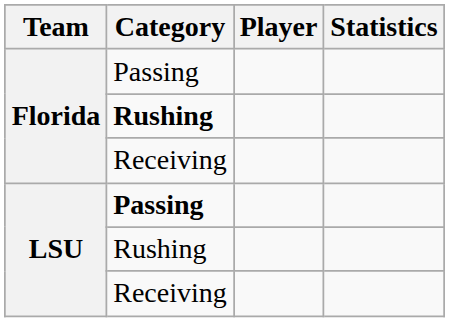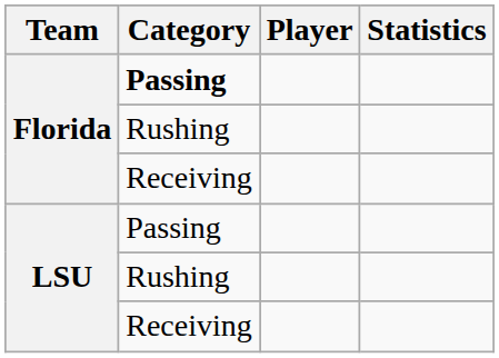 <table class="wikitable" style="float:right">
 <tr>
 <th>Team</th>
 <th>Category</th>
 <th>Player</th>
 <th>Statistics</th>
 </tr>
 <tr>
 <th rowspan=3>Florida</th>
-<td>Passing</td>
-<td></td>
-<td></td>
-</tr>
-<tr>
-<td><strong>Rushing</strong></td>
-<td></td>
-<td></td>
-</tr>
-<tr>
-<td>Receiving</td>
-<td></td>
-<td></td>
-</tr>
-<tr>
-<th rowspan=3>LSU</th>
 <td><strong>Passing</strong></td>
 <td></td>
 <td></td>
 </tr>
 <tr>
 <td>Rushing</td>
 <td></td>
 <td></td>
 </tr>
 <tr>
 <td>Receiving</td>
 <td></td>
 <td></td>
 </tr>
+<tr>
+<th rowspan=3>LSU</th>
+<td>Passing</td>
+<td></td>
+<td></td>
+</tr>
+<tr>
+<td>Rushing</td>
+<td></td>
+<td></td>
+</tr>
+<tr>
+<td>Receiving</td>
+<td></td>
+<td></td>
+</tr>
 </table>
